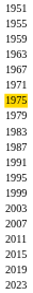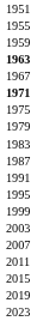 <table>
 <tr>
 <td>1951</td>
 <td></td>
 <td></td>
 <td></td>
 </tr>
 <tr>
 <td>1955</td>
 <td></td>
 <td></td>
 <td></td>
 </tr>
 <tr>
 <td>1959</td>
 <td></td>
 <td></td>
 <td></td>
 </tr>
 <tr>
-<td>1963</td>
+<td><strong>1963</strong></td>
 <td></td>
 <td></td>
 <td></td>
 </tr>
 <tr>
 <td>1967</td>
 <td></td>
 <td></td>
 <td></td>
 </tr>
 <tr>
-<td>1971</td>
+<td><strong>1971</strong></td>
 <td></td>
 <td></td>
 <td></td>
 </tr>
 <tr>
-<td style="background: gold;">1975</td>
+<td>1975</td>
 <td></td>
 <td></td>
 <td></td>
 </tr>
 <tr>
 <td>1979</td>
 <td></td>
 <td></td>
 <td></td>
 </tr>
 <tr>
 <td>1983</td>
 <td></td>
 <td></td>
 <td></td>
 </tr>
 <tr>
 <td>1987</td>
 <td></td>
 <td></td>
 <td></td>
 </tr>
 <tr>
 <td>1991</td>
 <td></td>
 <td></td>
 <td></td>
 </tr>
 <tr>
 <td>1995</td>
 <td></td>
 <td></td>
 <td></td>
 </tr>
 <tr>
 <td>1999</td>
 <td></td>
 <td></td>
 <td></td>
 </tr>
 <tr>
 <td>2003</td>
 <td></td>
 <td></td>
 <td></td>
 </tr>
 <tr>
 <td>2007</td>
 <td></td>
 <td></td>
 <td></td>
 </tr>
 <tr>
 <td>2011<br></td>
 <td></td>
 <td></td>
 <td></td>
 </tr>
 <tr>
 <td>2015<br></td>
 <td></td>
 <td></td>
 <td></td>
 </tr>
 <tr>
 <td>2019<br></td>
 <td></td>
 <td></td>
 <td></td>
 </tr>
 <tr>
 <td>2023<br></td>
 <td></td>
 <td></td>
 <td></td>
 </tr>
 </table>
